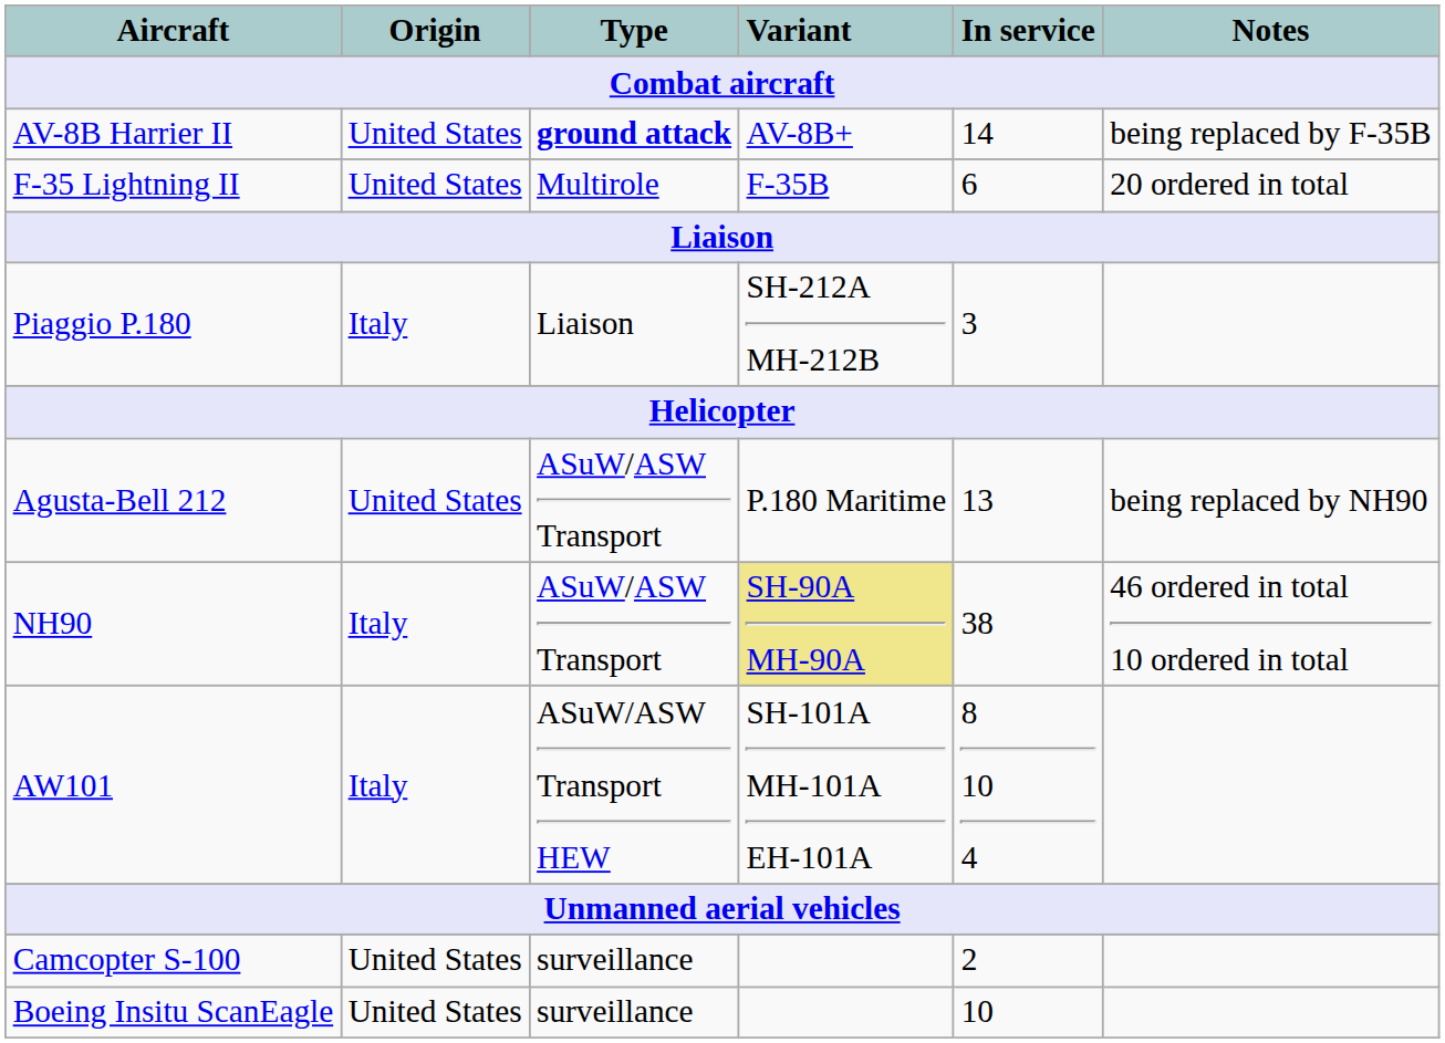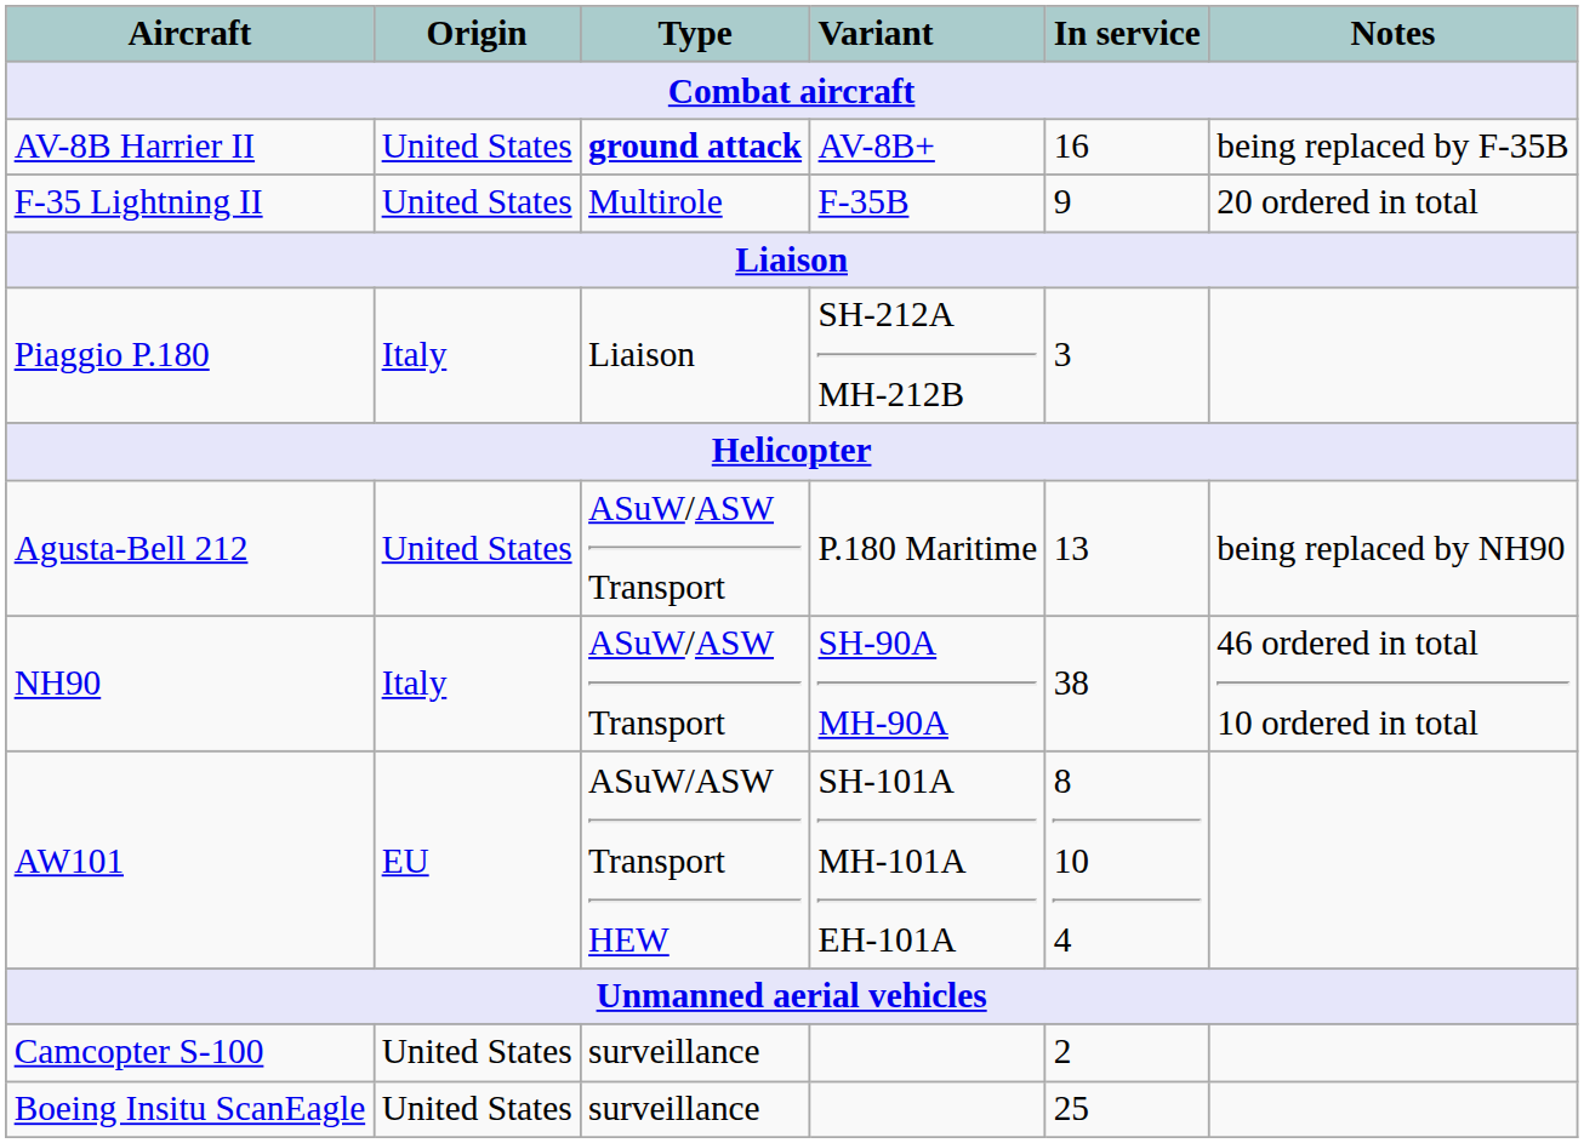 <table class="wikitable">
 <tr>
 <th style="text-align:center; background:#acc;">Aircraft</th>
 <th style="text-align: center; background:#acc;">Origin</th>
 <th style="text-align:l center; background:#acc;">Type</th>
 <th style="text-align:left; background:#acc;">Variant</th>
 <th style="text-align:center; background:#acc;">In service</th>
 <th style="text-align: center; background:#acc;">Notes</th>
 </tr>
 <tr>
 <th style="align: center; background: lavender;" colspan="7"><a href='#'>Combat aircraft</a></th>
 </tr>
 <tr>
 <td><a href='#'>AV-8B Harrier II</a></td>
 <td><a href='#'>United States</a></td>
 <td><strong><a href='#'>ground attack</a></strong></td>
 <td><a href='#'>AV-8B+</a></td>
-<td>14</td>
+<td>16</td>
 <td>being replaced by F-35B</td>
 </tr>
 <tr>
 <td><a href='#'>F-35 Lightning II</a></td>
 <td><a href='#'>United States</a></td>
 <td><a href='#'>Multirole</a></td>
 <td><a href='#'>F-35B</a></td>
-<td>6</td>
+<td>9</td>
 <td>20 ordered in total</td>
 </tr>
 <tr>
 <th style="align: center; background: lavender;" colspan="7"><a href='#'>Liaison</a></th>
 </tr>
 <tr>
 <td><a href='#'>Piaggio P.180</a></td>
 <td><a href='#'>Italy</a></td>
 <td>Liaison</td>
 <td>SH-212A<hr>MH-212B</td>
 <td>3</td>
 <td></td>
 </tr>
 <tr>
 <th style="align: center; background: lavender;" colspan="7"><a href='#'>Helicopter</a></th>
 </tr>
 <tr>
 <td><a href='#'>Agusta-Bell 212</a></td>
 <td><a href='#'>United States</a></td>
 <td><a href='#'>ASuW</a>/<a href='#'>ASW</a><hr>Transport</td>
 <td>P.180 Maritime</td>
 <td>13</td>
 <td>being replaced by NH90</td>
 </tr>
 <tr>
 <td><a href='#'>NH90</a></td>
 <td><a href='#'>Italy</a></td>
 <td><a href='#'>ASuW</a>/<a href='#'>ASW</a><hr>Transport</td>
-<td style="background: khaki;"><a href='#'>SH-90A</a><hr><a href='#'>MH-90A</a></td>
+<td><a href='#'>SH-90A</a><hr><a href='#'>MH-90A</a></td>
 <td>38</td>
 <td>46 ordered in total<hr>10 ordered in total</td>
 </tr>
 <tr>
 <td><a href='#'>AW101</a></td>
-<td><a href='#'>Italy</a></td>
+<td><a href='#'>EU</a></td>
 <td>ASuW/ASW<hr>Transport<hr><a href='#'>HEW</a></td>
 <td>SH-101A<hr>MH-101A<hr>EH-101A</td>
 <td>8<hr>10<hr>4</td>
 <td></td>
 </tr>
 <tr>
 <th style="align: center; background: lavender;" colspan="7"><a href='#'>Unmanned aerial vehicles</a></th>
 </tr>
 <tr>
 <td><a href='#'>Camcopter S-100</a></td>
 <td>United States</td>
 <td>surveillance</td>
 <td></td>
 <td>2</td>
 <td></td>
 </tr>
 <tr>
 <td><a href='#'>Boeing Insitu ScanEagle</a></td>
 <td>United States</td>
 <td>surveillance</td>
 <td></td>
-<td>10</td>
+<td>25</td>
 <td></td>
 </tr>
 </table>
